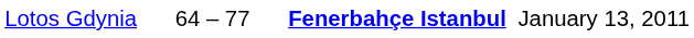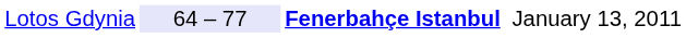 <table style="text-align:center">
 <tr>
 <th width=160></th>
 <th width=100></th>
 <th width=160></th>
 <th width=200></th>
 </tr>
 <tr>
 <td align=right><a href='#'>Lotos Gdynia</a> </td>
-<td>64 – 77</td>
+<td style="background: lavender;">64 – 77</td>
 <td align=left> <strong><a href='#'>Fenerbahçe Istanbul</a></strong></td>
 <td align=left>January 13, 2011 </td>
 </tr>
 </table>
